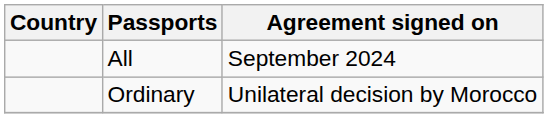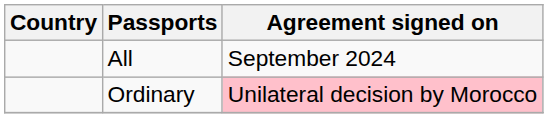 <table class="wikitable">
 <tr>
 <th>Country</th>
 <th>Passports</th>
 <th>Agreement signed on</th>
 </tr>
 <tr>
 <td></td>
 <td>All</td>
 <td>September 2024</td>
 </tr>
 <tr>
 <td></td>
 <td>Ordinary</td>
-<td>Unilateral decision by Morocco</td>
+<td style="background: pink;">Unilateral decision by Morocco</td>
 </tr>
 <tr>
 </tr>
 </table>
